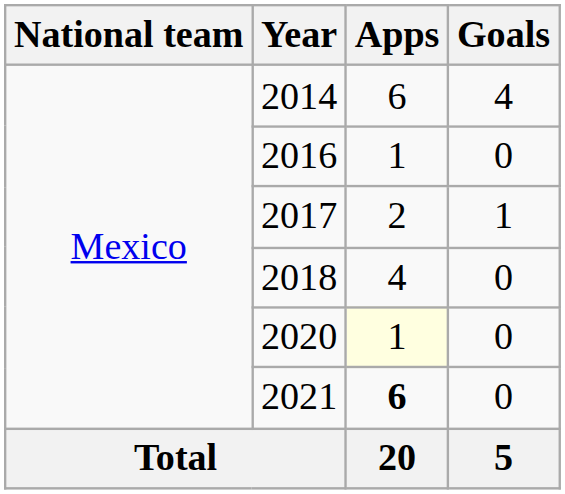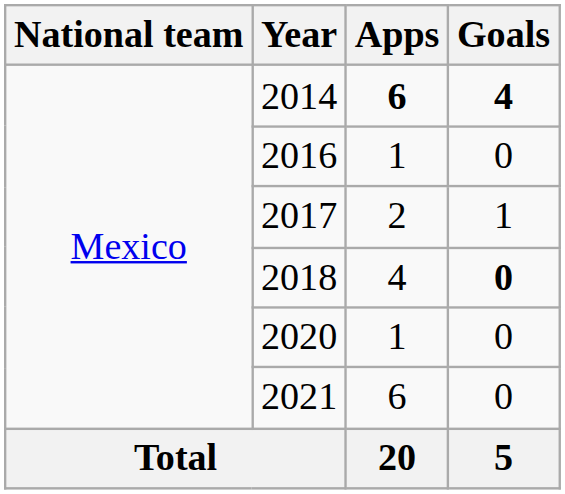 <table class="wikitable" style="text-align:center">
 <tr>
 <th>National team</th>
 <th>Year</th>
 <th>Apps</th>
 <th>Goals</th>
 </tr>
 <tr>
 <td rowspan="6"><a href='#'>Mexico</a></td>
 <td>2014</td>
-<td>6</td>
-<td>4</td>
+<td><strong>6</strong></td>
+<td><strong>4</strong></td>
 </tr>
 <tr>
 <td>2016</td>
 <td>1</td>
 <td>0</td>
 </tr>
 <tr>
 <td>2017</td>
 <td>2</td>
 <td>1</td>
 </tr>
 <tr>
 <td>2018</td>
 <td>4</td>
-<td>0</td>
+<td><strong>0</strong></td>
 </tr>
 <tr>
 <td>2020</td>
-<td style="background: lightyellow;">1</td>
+<td>1</td>
 <td>0</td>
 </tr>
 <tr>
 <td>2021</td>
-<td><strong>6</strong></td>
+<td>6</td>
 <td>0</td>
 </tr>
 <tr>
 <th colspan="2">Total</th>
 <th>20</th>
 <th>5</th>
 </tr>
 </table>
